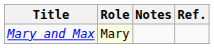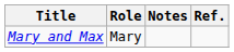 <table class="wikitable">
 <tr>
 <th>Title</th>
 <th>Role</th>
 <th>Notes</th>
 <th>Ref.</th>
 </tr>
 <tr>
 <td><em><a href='#'>Mary and Max</a></em></td>
-<td style="background: lightyellow;">Mary</td>
+<td>Mary</td>
 <td></td>
 <td></td>
 </tr>
 <tr>
 </tr>
 </table>
